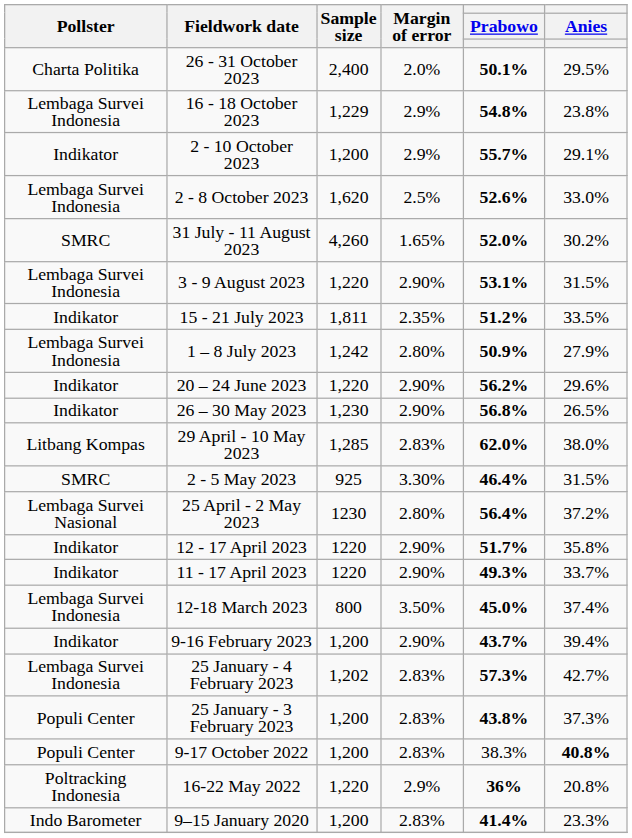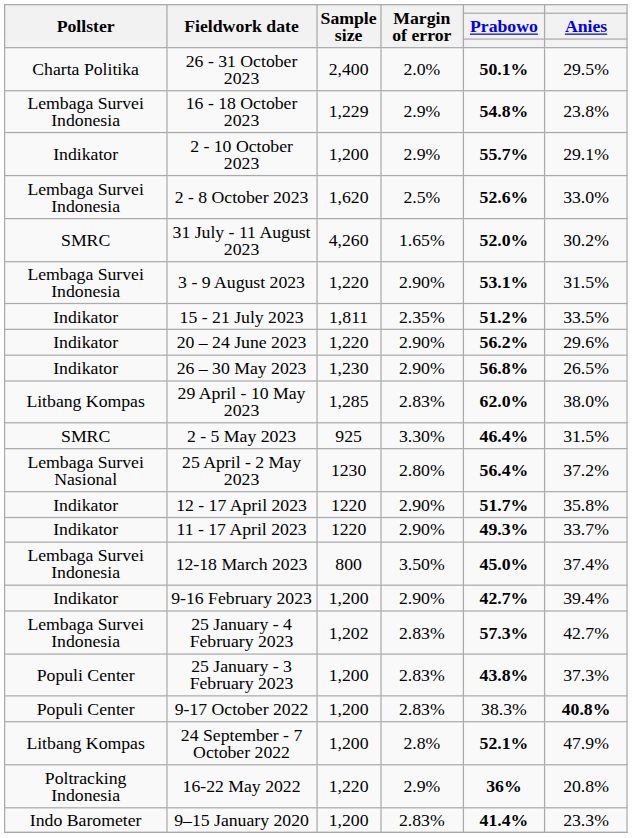 <table class="wikitable" style="text-align:center; font-size:90%; line-height:14px;">
 <tr bgcolor=lightgray>
 <th rowspan="3" style="width:125px;">Pollster</th>
 <th rowspan="3" style="width:115px;">Fieldwork date</th>
 <th rowspan="3" style="width:40px;">Sample size</th>
 <th rowspan="3" style="width:60px;">Margin of error</th>
 <th style="width:60px;"></th>
 <th style="width:60px;"></th>
 </tr>
 <tr>
 <th><a href='#'>Prabowo</a> <br></th>
 <th><a href='#'>Anies</a> <br></th>
 </tr>
 <tr>
 <th class="unsortable" style="color:inherit;background:"></th>
 <th class="unsortable" style="color:inherit;background:"></th>
 </tr>
 <tr>
 <td>Charta Politika</td>
 <td>26 - 31 October 2023</td>
 <td>2,400</td>
 <td>2.0%</td>
 <td style="background-color:#"><strong>50.1%</strong> </td>
 <td>29.5%</td>
 </tr>
 <tr>
 <td>Lembaga Survei Indonesia</td>
 <td>16 - 18 October 2023</td>
 <td>1,229</td>
 <td>2.9%</td>
 <td style="background-color:#"><strong>54.8%</strong> </td>
 <td>23.8%</td>
 </tr>
 <tr>
 <td>Indikator</td>
 <td>2 - 10 October 2023</td>
 <td>1,200</td>
 <td>2.9%</td>
 <td style="background-color:#"><strong>55.7%</strong> </td>
 <td>29.1%</td>
 </tr>
 <tr>
 <td>Lembaga Survei Indonesia</td>
 <td>2 - 8 October 2023</td>
 <td>1,620</td>
 <td>2.5%</td>
 <td style="background-color:#"><strong>52.6%</strong></td>
 <td>33.0%</td>
 </tr>
 <tr>
 <td>SMRC</td>
 <td>31 July - 11 August 2023</td>
 <td>4,260</td>
 <td>1.65%</td>
 <td style="background-color:#"><strong>52.0%</strong></td>
 <td>30.2%</td>
 </tr>
 <tr>
 <td>Lembaga Survei Indonesia</td>
 <td>3 - 9 August 2023</td>
 <td>1,220</td>
 <td>2.90%</td>
 <td style="background-color:#"><strong>53.1%</strong></td>
 <td>31.5%</td>
 </tr>
 <tr>
 <td>Indikator</td>
 <td>15 - 21 July 2023</td>
 <td>1,811</td>
 <td>2.35%</td>
 <td style="background-color:#"><strong>51.2%</strong></td>
 <td>33.5%</td>
 </tr>
 <tr>
-<td>Lembaga Survei Indonesia</td>
-<td>1 – 8 July 2023</td>
-<td>1,242</td>
-<td>2.80%</td>
-<td style="background-color:#"><strong>50.9%</strong></td>
-<td>27.9%</td>
-</tr>
-<tr>
 <td>Indikator</td>
 <td>20 – 24 June 2023</td>
 <td>1,220</td>
 <td>2.90%</td>
 <td style="background-color:#"><strong>56.2%</strong></td>
 <td>29.6%</td>
 </tr>
 <tr>
 <td>Indikator</td>
 <td>26 – 30 May 2023</td>
 <td>1,230</td>
 <td>2.90%</td>
 <td style="background-color:#"><strong>56.8%</strong></td>
 <td>26.5%</td>
 </tr>
 <tr>
 <td>Litbang Kompas</td>
 <td>29 April - 10 May 2023</td>
 <td>1,285</td>
 <td>2.83%</td>
 <td style="background-color:#"><strong>62.0%</strong></td>
 <td>38.0%</td>
 </tr>
 <tr>
 <td>SMRC</td>
 <td>2 - 5 May 2023</td>
 <td>925</td>
 <td>3.30%</td>
 <td style="background-color:#"><strong>46.4%</strong></td>
 <td>31.5%</td>
 </tr>
 <tr>
 <td>Lembaga Survei Nasional</td>
 <td>25 April - 2 May 2023</td>
 <td>1230</td>
 <td>2.80%</td>
 <td style="background-color:#"><strong>56.4%</strong></td>
 <td>37.2%</td>
 </tr>
 <tr>
 <td>Indikator</td>
 <td>12 - 17 April 2023</td>
 <td>1220</td>
 <td>2.90%</td>
 <td style="background-color:#"><strong>51.7%</strong></td>
 <td>35.8%</td>
 </tr>
 <tr>
 <td>Indikator</td>
 <td>11 - 17 April 2023</td>
 <td>1220</td>
 <td>2.90%</td>
 <td style="background-color:#"><strong>49.3%</strong></td>
 <td>33.7%</td>
 </tr>
 <tr>
 <td>Lembaga Survei Indonesia</td>
 <td>12-18 March 2023</td>
 <td>800</td>
 <td>3.50%</td>
 <td style="background-color:#"><strong>45.0%</strong></td>
 <td>37.4%</td>
 </tr>
 <tr>
 <td>Indikator</td>
 <td>9-16 February 2023</td>
 <td>1,200</td>
 <td>2.90%</td>
-<td style="background-color:#"><strong>43.7%</strong></td>
+<td style="background-color:#"><strong>42.7%</strong></td>
 <td>39.4%</td>
 </tr>
 <tr>
 <td>Lembaga Survei Indonesia</td>
 <td>25 January - 4 February 2023</td>
 <td>1,202</td>
 <td>2.83%</td>
 <td style="background-color:#"><strong>57.3%</strong></td>
 <td>42.7%</td>
 </tr>
 <tr>
 <td>Populi Center</td>
 <td>25 January - 3 February 2023</td>
 <td>1,200</td>
 <td>2.83%</td>
 <td style="background-color:#"><strong>43.8%</strong></td>
 <td>37.3%</td>
 </tr>
 <tr>
 <td>Populi Center</td>
 <td>9-17 October 2022</td>
 <td>1,200</td>
 <td>2.83%</td>
 <td>38.3%</td>
 <td style="background-color:#"><strong>40.8%</strong></td>
 </tr>
 <tr>
+<td>Litbang Kompas</td>
+<td>24 September - 7 October 2022</td>
+<td>1,200</td>
+<td>2.8%</td>
+<td style="background-color:#"><strong>52.1%</strong></td>
+<td>47.9%</td>
+</tr>
+<tr>
 <td>Poltracking Indonesia</td>
 <td>16-22 May 2022</td>
 <td>1,220</td>
 <td>2.9%</td>
 <td style="background-color:#"><strong>36%</strong></td>
 <td>20.8%</td>
 </tr>
 <tr>
 <td>Indo Barometer</td>
 <td>9–15 January 2020</td>
 <td>1,200</td>
 <td>2.83%</td>
 <td style="background-color:#"><strong>41.4%</strong></td>
 <td>23.3%</td>
 </tr>
 <tr>
 </tr>
 </table>
